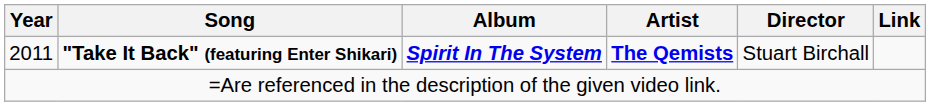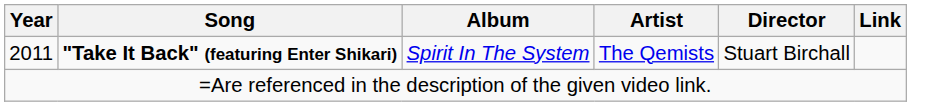 <table class="wikitable">
 <tr>
 <th>Year</th>
 <th>Song</th>
 <th>Album</th>
 <th>Artist</th>
 <th>Director</th>
 <th>Link</th>
 </tr>
 <tr>
 <td>2011</td>
 <td><strong>"Take It Back" <small>(featuring Enter Shikari)</small></strong></td>
-<td><strong><em><a href='#'>Spirit In The System</a></em></strong></td>
-<td><strong><a href='#'>The Qemists</a></strong></td>
+<td><em><a href='#'>Spirit In The System</a></em></td>
+<td><a href='#'>The Qemists</a></td>
 <td>Stuart Birchall</td>
 <td></td>
 </tr>
 <tr>
 <td colspan="7" style="text-align:center">=Are referenced in the description of the given video link.</td>
 </tr>
 </table>
